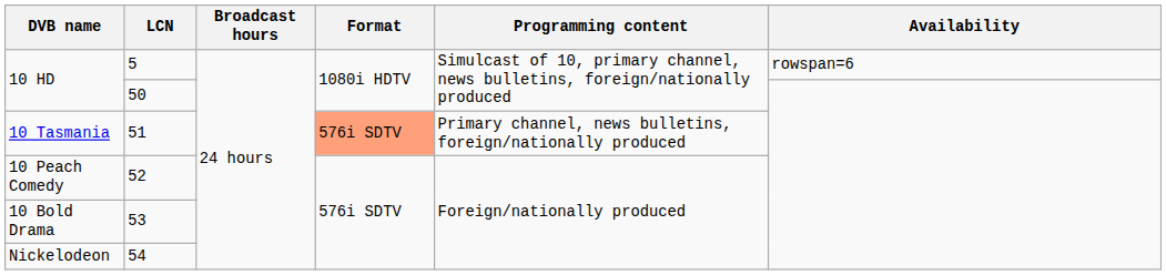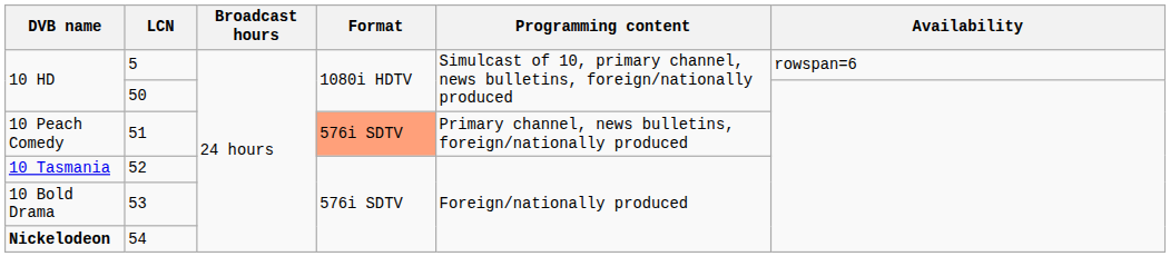 <table class="wikitable" style="font-size:90%; width:100%;">
 <tr>
 <th width="10%">DVB name</th>
 <th width="6%">LCN</th>
 <th width="10%">Broadcast hours</th>
 <th width="10%">Format</th>
 <th width="28%">Programming content</th>
 <th width="33%">Availability</th>
 </tr>
 <tr>
 <td rowspan=2>10 HD</td>
 <td>5</td>
 <td rowspan=6>24 hours</td>
 <td rowspan=2>1080i HDTV<br></td>
 <td rowspan=2>Simulcast of 10, primary channel, news bulletins, foreign/nationally produced </td>
 <td>rowspan=6 </td>
 </tr>
 <tr>
 <td>50</td>
 </tr>
 <tr>
-<td><a href='#'>10 Tasmania</a></td>
+<td>10 Peach Comedy</td>
 <td>51</td>
 <td style="background: lightsalmon;">576i SDTV</td>
 <td>Primary channel, news bulletins, foreign/nationally produced </td>
 </tr>
 <tr>
-<td>10 Peach Comedy</td>
+<td><a href='#'>10 Tasmania</a></td>
 <td>52</td>
 <td rowspan=3>576i SDTV<br></td>
 <td rowspan=3>Foreign/nationally produced </td>
 </tr>
 <tr>
 <td>10 Bold Drama</td>
 <td>53</td>
 </tr>
 <tr>
-<td>Nickelodeon</td>
+<td><strong>Nickelodeon</strong></td>
 <td>54</td>
 </tr>
 </table>
